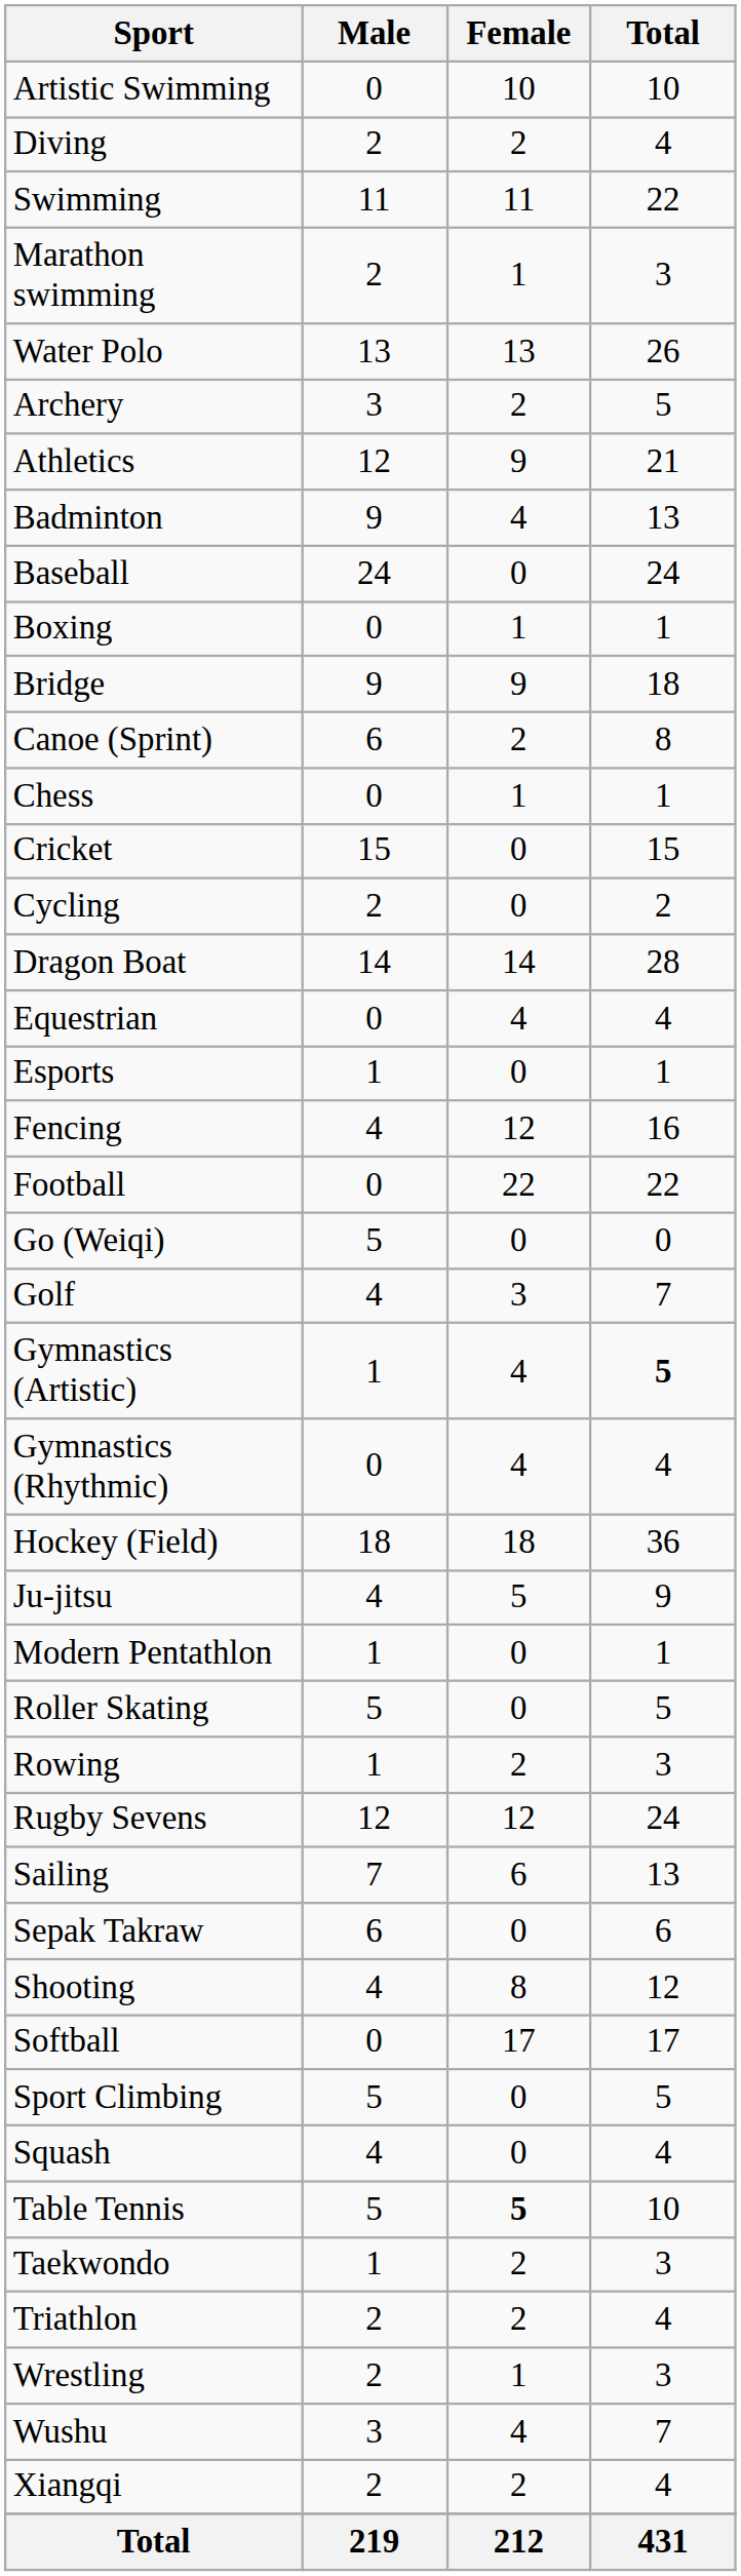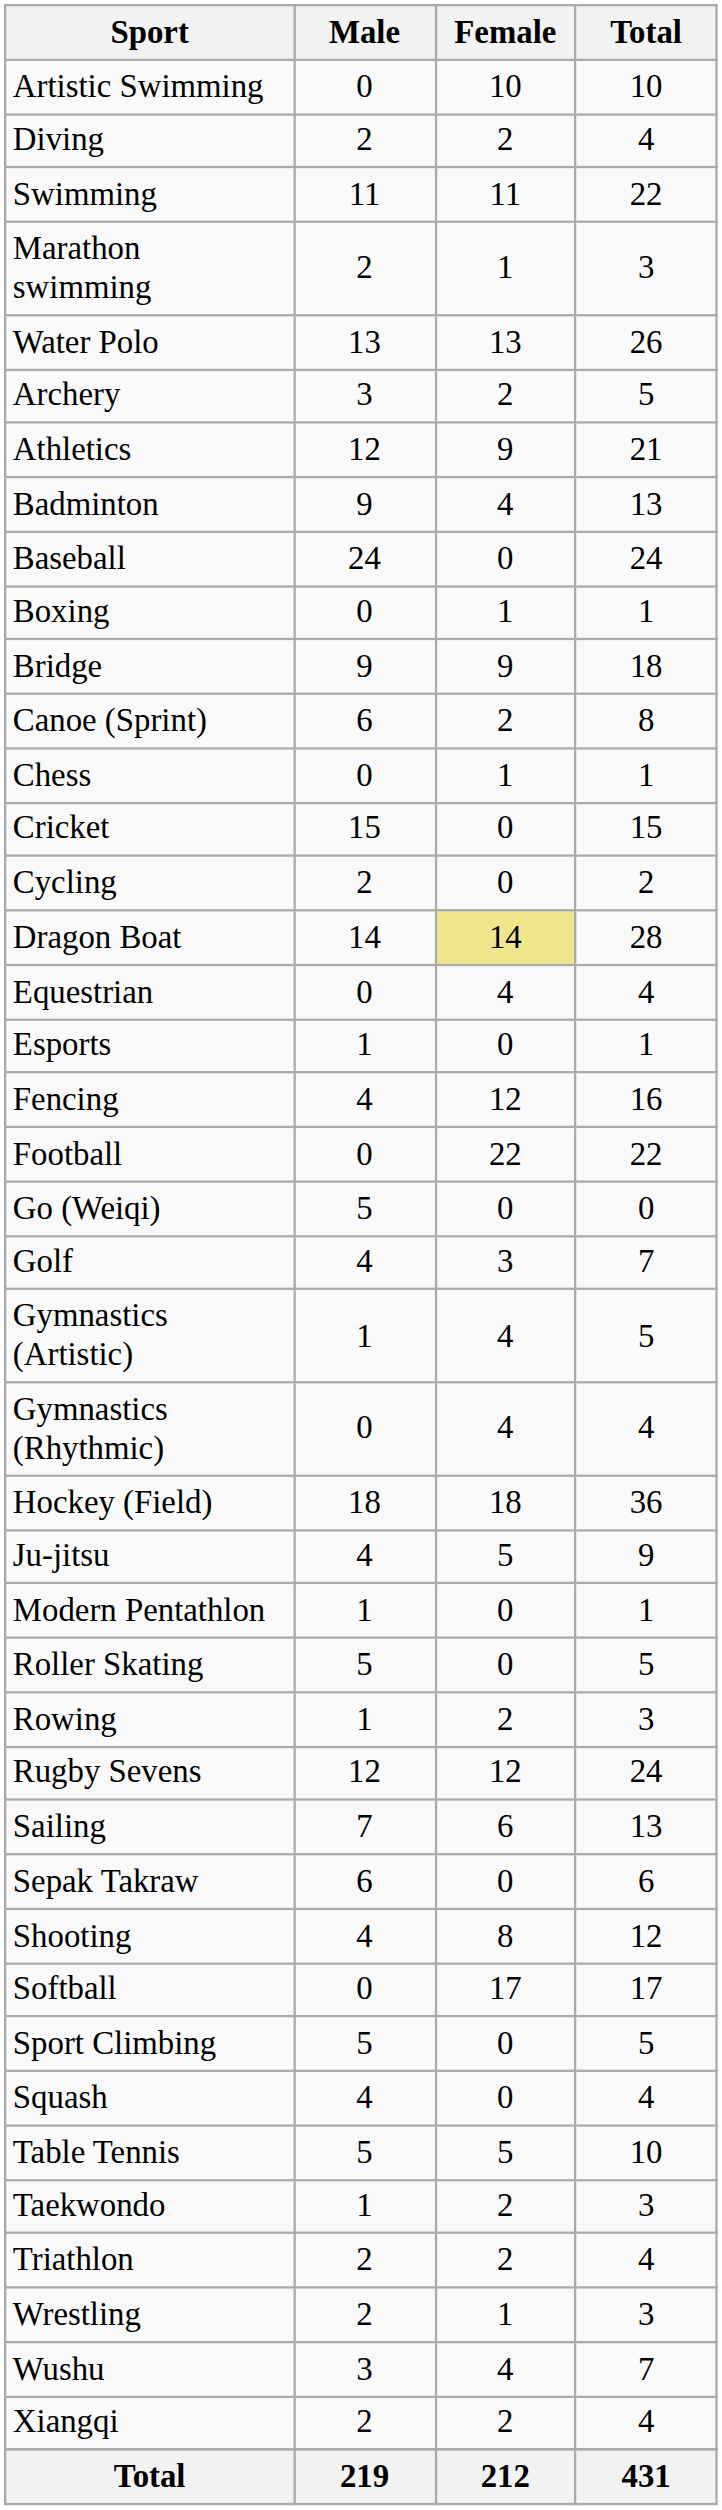 <table class="wikitable sortable" style="font-size:90%; text-align:center;">
 <tr>
 <th width=120>Sport</th>
 <th width=55>Male</th>
 <th width=55>Female</th>
 <th width=55>Total</th>
 </tr>
 <tr>
 <td align=left>Artistic Swimming</td>
 <td>0</td>
 <td>10</td>
 <td>10</td>
 </tr>
 <tr>
 <td align=left>Diving</td>
 <td>2</td>
 <td>2</td>
 <td>4</td>
 </tr>
 <tr>
 <td align=left>Swimming</td>
 <td>11</td>
 <td>11</td>
 <td>22</td>
 </tr>
 <tr>
 <td align=left>Marathon swimming</td>
 <td>2</td>
 <td>1</td>
 <td>3</td>
 </tr>
 <tr>
 <td align=left>Water Polo</td>
 <td>13</td>
 <td>13</td>
 <td>26</td>
 </tr>
 <tr>
 <td align=left>Archery</td>
 <td>3</td>
 <td>2</td>
 <td>5</td>
 </tr>
 <tr>
 <td align=left>Athletics</td>
 <td>12</td>
 <td>9</td>
 <td>21</td>
 </tr>
 <tr>
 <td align=left>Badminton</td>
 <td>9</td>
 <td>4</td>
 <td>13</td>
 </tr>
 <tr>
 <td align=left>Baseball</td>
 <td>24</td>
 <td>0</td>
 <td>24</td>
 </tr>
 <tr>
 <td align=left>Boxing</td>
 <td>0</td>
 <td>1</td>
 <td>1</td>
 </tr>
 <tr>
 <td align=left>Bridge</td>
 <td>9</td>
 <td>9</td>
 <td>18</td>
 </tr>
 <tr>
 <td align=left>Canoe (Sprint)</td>
 <td>6</td>
 <td>2</td>
 <td>8</td>
 </tr>
 <tr>
 <td align=left>Chess</td>
 <td>0</td>
 <td>1</td>
 <td>1</td>
 </tr>
 <tr>
 <td align=left>Cricket</td>
 <td>15</td>
 <td>0</td>
 <td>15</td>
 </tr>
 <tr>
 <td align=left>Cycling</td>
 <td>2</td>
 <td>0</td>
 <td>2</td>
 </tr>
 <tr>
 <td align=left>Dragon Boat</td>
 <td>14</td>
-<td>14</td>
+<td style="background: khaki;">14</td>
 <td>28</td>
 </tr>
 <tr>
 <td align=left>Equestrian</td>
 <td>0</td>
 <td>4</td>
 <td>4</td>
 </tr>
 <tr>
 <td align=left>Esports</td>
 <td>1</td>
 <td>0</td>
 <td>1</td>
 </tr>
 <tr>
 <td align=left>Fencing</td>
 <td>4</td>
 <td>12</td>
 <td>16</td>
 </tr>
 <tr>
 <td align=left>Football</td>
 <td>0</td>
 <td>22</td>
 <td>22</td>
 </tr>
 <tr>
 <td align=left>Go (Weiqi)</td>
 <td>5</td>
 <td>0</td>
 <td>0</td>
 </tr>
 <tr>
 <td align=left>Golf</td>
 <td>4</td>
 <td>3</td>
 <td>7</td>
 </tr>
 <tr>
 <td align=left>Gymnastics (Artistic)</td>
 <td>1</td>
 <td>4</td>
-<td><strong>5</strong></td>
+<td>5</td>
 </tr>
 <tr>
 <td align=left>Gymnastics (Rhythmic)</td>
 <td>0</td>
 <td>4</td>
 <td>4</td>
 </tr>
 <tr>
 <td align=left>Hockey (Field)</td>
 <td>18</td>
 <td>18</td>
 <td>36</td>
 </tr>
 <tr>
 <td align=left>Ju-jitsu</td>
 <td>4</td>
 <td>5</td>
 <td>9</td>
 </tr>
 <tr>
 <td align=left>Modern Pentathlon</td>
 <td>1</td>
 <td>0</td>
 <td>1</td>
 </tr>
 <tr>
 <td align=left>Roller Skating</td>
 <td>5</td>
 <td>0</td>
 <td>5</td>
 </tr>
 <tr>
 <td align=left>Rowing</td>
 <td>1</td>
 <td>2</td>
 <td>3</td>
 </tr>
 <tr>
 <td align=left>Rugby Sevens</td>
 <td>12</td>
 <td>12</td>
 <td>24</td>
 </tr>
 <tr>
 <td align=left>Sailing</td>
 <td>7</td>
 <td>6</td>
 <td>13</td>
 </tr>
 <tr>
 <td align=left>Sepak Takraw</td>
 <td>6</td>
 <td>0</td>
 <td>6</td>
 </tr>
 <tr>
 <td align=left>Shooting</td>
 <td>4</td>
 <td>8</td>
 <td>12</td>
 </tr>
 <tr>
 <td align=left>Softball</td>
 <td>0</td>
 <td>17</td>
 <td>17</td>
 </tr>
 <tr>
 <td align=left>Sport Climbing</td>
 <td>5</td>
 <td>0</td>
 <td>5</td>
 </tr>
 <tr>
 <td align=left>Squash</td>
 <td>4</td>
 <td>0</td>
 <td>4</td>
 </tr>
 <tr>
 <td align=left>Table Tennis</td>
 <td>5</td>
-<td><strong>5</strong></td>
+<td>5</td>
 <td>10</td>
 </tr>
 <tr>
 <td align=left>Taekwondo</td>
 <td>1</td>
 <td>2</td>
 <td>3</td>
 </tr>
 <tr>
 <td align=left>Triathlon</td>
 <td>2</td>
 <td>2</td>
 <td>4</td>
 </tr>
 <tr>
 <td align=left>Wrestling</td>
 <td>2</td>
 <td>1</td>
 <td>3</td>
 </tr>
 <tr>
 <td align=left>Wushu</td>
 <td>3</td>
 <td>4</td>
 <td>7</td>
 </tr>
 <tr>
 <td align=left>Xiangqi</td>
 <td>2</td>
 <td>2</td>
 <td>4</td>
 </tr>
 <tr>
 </tr>
 <tr class="sortbottom">
 <th>Total</th>
 <th>219</th>
 <th>212</th>
 <th>431</th>
 </tr>
 </table>
